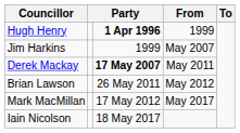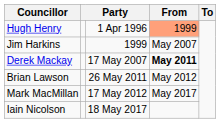 <table class=wikitable>
 <tr>
 <th>Councillor</th>
 <th colspan=2>Party</th>
 <th>From</th>
 <th>To</th>
 </tr>
 <tr>
 <td><a href='#'>Hugh Henry</a></td>
 <td></td>
-<td align=right><strong>1 Apr 1996</strong></td>
-<td align=right>1999</td>
+<td align=right>1 Apr 1996</td>
+<td align=right style="background: lightsalmon;">1999</td>
 </tr>
 <tr>
 <td>Jim Harkins</td>
 <td></td>
 <td align=right>1999</td>
 <td align=right>May 2007</td>
 </tr>
 <tr>
 <td><a href='#'>Derek Mackay</a></td>
 <td></td>
-<td align=right><strong>17 May 2007</strong></td>
-<td align=right>May 2011</td>
+<td align=right>17 May 2007</td>
+<td align=right><strong>May 2011</strong></td>
 </tr>
 <tr>
 <td>Brian Lawson</td>
 <td></td>
 <td align=right>26 May 2011</td>
 <td align=right>May 2012</td>
 </tr>
 <tr>
 <td>Mark MacMillan</td>
 <td></td>
 <td align=right>17 May 2012</td>
 <td align=right>May 2017</td>
 </tr>
 <tr>
 <td>Iain Nicolson</td>
 <td></td>
 <td align=right>18 May 2017</td>
 <td align=right></td>
 </tr>
 </table>
